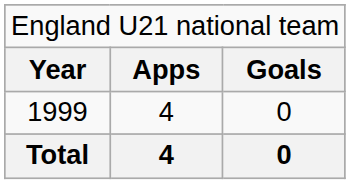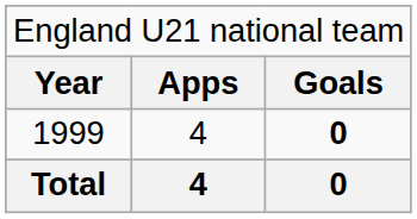 <table class="wikitable" style="text-align:center">
 <tr>
 <td colspan="3">England U21 national team</td>
 </tr>
 <tr>
 <th>Year</th>
 <th>Apps</th>
 <th>Goals</th>
 </tr>
 <tr>
 <td>1999</td>
 <td>4</td>
-<td>0</td>
+<td><strong>0</strong></td>
 </tr>
 <tr>
 <th>Total</th>
 <th>4</th>
 <th>0</th>
 </tr>
 </table>
